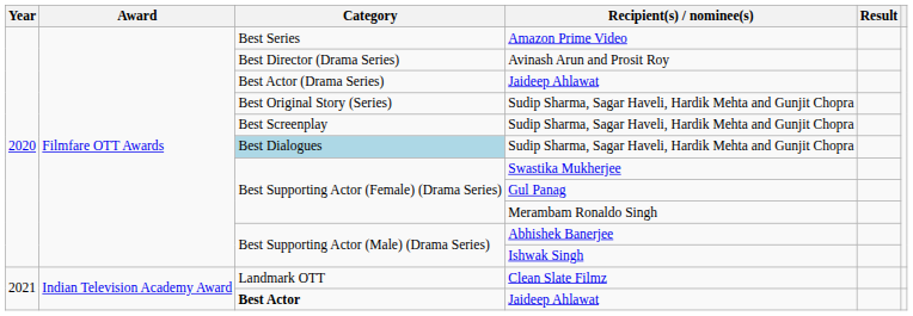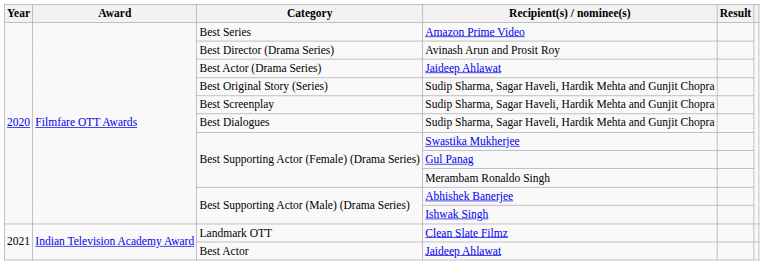 <table class="wikitable sortable">
 <tr>
 <th>Year</th>
 <th>Award</th>
 <th>Category</th>
 <th>Recipient(s) / nominee(s)</th>
 <th>Result</th>
 <th></th>
 </tr>
 <tr>
 <td rowspan="11"><a href='#'>2020</a></td>
 <td rowspan="11"><a href='#'>Filmfare OTT Awards</a></td>
 <td>Best Series</td>
 <td><a href='#'>Amazon Prime Video</a></td>
 <td></td>
 <td rowspan="11"></td>
 </tr>
 <tr>
 <td>Best Director (Drama Series)</td>
 <td>Avinash Arun and Prosit Roy</td>
 <td></td>
 </tr>
 <tr>
 <td>Best Actor (Drama Series)</td>
 <td><a href='#'>Jaideep Ahlawat</a></td>
 <td></td>
 </tr>
 <tr>
 <td>Best Original Story (Series)</td>
 <td>Sudip Sharma, Sagar Haveli, Hardik Mehta and Gunjit Chopra</td>
 <td></td>
 </tr>
 <tr>
 <td>Best Screenplay</td>
 <td>Sudip Sharma, Sagar Haveli, Hardik Mehta and Gunjit Chopra</td>
 <td></td>
 </tr>
 <tr>
-<td style="background: lightblue;">Best Dialogues</td>
+<td>Best Dialogues</td>
 <td>Sudip Sharma, Sagar Haveli, Hardik Mehta and Gunjit Chopra</td>
 <td></td>
 </tr>
 <tr>
 <td rowspan="3">Best Supporting Actor (Female) (Drama Series)</td>
 <td><a href='#'>Swastika Mukherjee</a></td>
 <td></td>
 </tr>
 <tr>
 <td><a href='#'>Gul Panag</a></td>
 <td></td>
 </tr>
 <tr>
 <td>Merambam Ronaldo Singh</td>
 <td></td>
 </tr>
 <tr>
 <td rowspan="2">Best Supporting Actor (Male) (Drama Series)</td>
 <td><a href='#'>Abhishek Banerjee</a></td>
 <td></td>
 </tr>
 <tr>
 <td><a href='#'>Ishwak Singh</a></td>
 <td></td>
 </tr>
 <tr>
 <td rowspan="2">2021</td>
 <td rowspan="2"><a href='#'>Indian Television Academy Award</a></td>
 <td>Landmark OTT</td>
 <td><a href='#'>Clean Slate Filmz</a></td>
 <td></td>
 <td></td>
 </tr>
 <tr>
-<td><strong>Best Actor</strong></td>
+<td>Best Actor</td>
 <td><a href='#'>Jaideep Ahlawat</a></td>
 <td></td>
 <td></td>
 </tr>
 </table>
